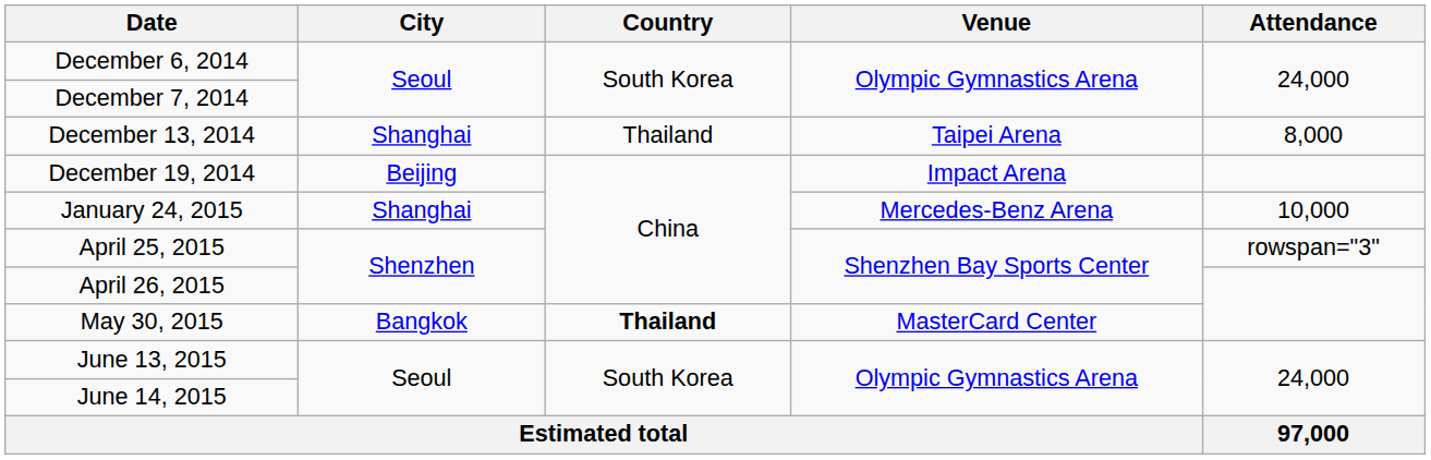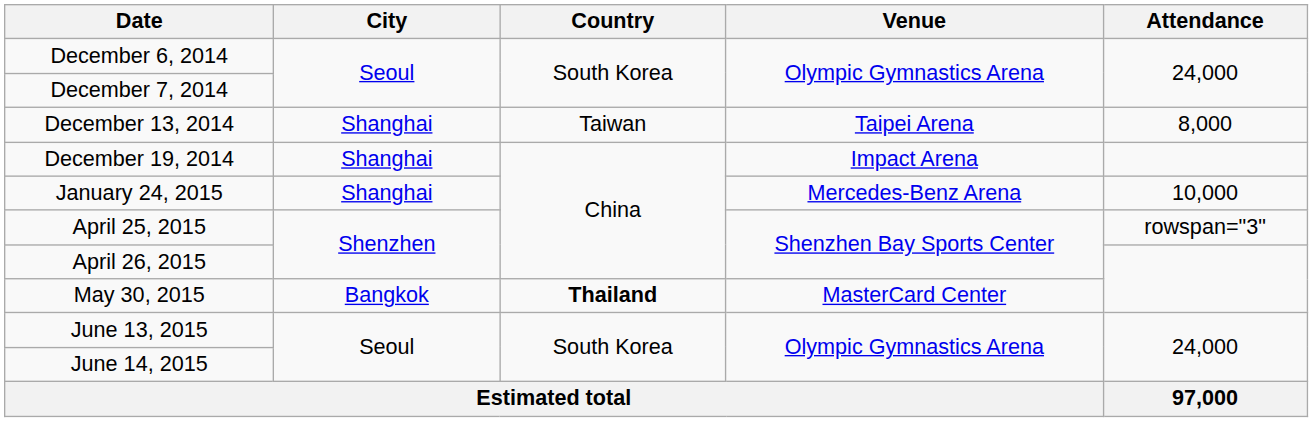 <table class="wikitable plainrowheaders" style="text-align:center;">
 <tr>
 <th scope="col" style="width:12em;">Date</th>
 <th scope="col" style="width:10em;">City</th>
 <th scope="col" style="width:10em;">Country</th>
 <th scope="col" style="width:17em;">Venue</th>
 <th scope="col" style="width:9em;">Attendance</th>
 </tr>
 <tr>
 <td>December 6, 2014</td>
 <td rowspan="2"><a href='#'>Seoul</a></td>
 <td rowspan="2">South Korea</td>
 <td rowspan="2"><a href='#'>Olympic Gymnastics Arena</a></td>
 <td rowspan="2">24,000</td>
 </tr>
 <tr>
 <td>December 7, 2014</td>
 </tr>
 <tr>
 <td>December 13, 2014</td>
 <td><a href='#'>Shanghai</a></td>
-<td>Thailand</td>
+<td>Taiwan</td>
 <td><a href='#'>Taipei Arena</a></td>
 <td>8,000</td>
 </tr>
 <tr>
 <td>December 19, 2014</td>
-<td><a href='#'>Beijing</a></td>
+<td><a href='#'>Shanghai</a></td>
 <td rowspan="4">China</td>
 <td><a href='#'>Impact Arena</a></td>
 <td></td>
 </tr>
 <tr>
 <td>January 24, 2015</td>
 <td><a href='#'>Shanghai</a></td>
 <td><a href='#'>Mercedes-Benz Arena</a></td>
 <td>10,000</td>
 </tr>
 <tr>
 <td>April 25, 2015</td>
 <td rowspan="2"><a href='#'>Shenzhen</a></td>
 <td rowspan="2"><a href='#'>Shenzhen Bay Sports Center</a></td>
 <td>rowspan="3" </td>
 </tr>
 <tr>
 <td>April 26, 2015</td>
 </tr>
 <tr>
 <td>May 30, 2015</td>
 <td><a href='#'>Bangkok</a></td>
 <td><strong>Thailand</strong></td>
 <td><a href='#'>MasterCard Center</a></td>
 </tr>
 <tr>
 <td>June 13, 2015</td>
 <td rowspan="2">Seoul</td>
 <td rowspan="2">South Korea</td>
 <td rowspan="2"><a href='#'>Olympic Gymnastics Arena</a></td>
 <td rowspan="2">24,000</td>
 </tr>
 <tr>
 <td>June 14, 2015</td>
 </tr>
 <tr>
 <th colspan="4">Estimated total</th>
 <th>97,000</th>
 </tr>
 </table>
